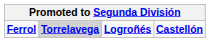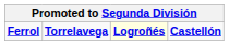 <table class="wikitable" style="text-align: center; margin: 0 auto;">
 <tr>
 <th colspan="9">Promoted to <a href='#'>Segunda División</a></th>
 </tr>
 <tr>
 <td><strong><a href='#'>Ferrol</a></strong><br></td>
-<td style="background: lightgrey;"><strong><a href='#'>Torrelavega</a></strong><br></td>
-<td><strong><a href='#'>Logroñés</a> </strong><br></td>
+<td><strong><a href='#'>Torrelavega</a></strong><br></td>
+<td style="background: lightyellow;"><strong><a href='#'>Logroñés</a> </strong><br></td>
 <td><strong><a href='#'>Castellón</a></strong></td>
 </tr>
 </table>
